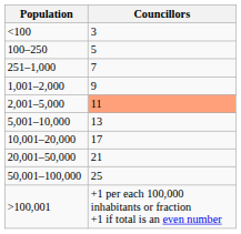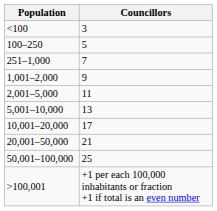 <table class="wikitable" style="text-align:left;">
 <tr>
 <th width="110">Population</th>
 <th width="200">Councillors</th>
 </tr>
 <tr>
 <td><100</td>
 <td>3</td>
 </tr>
 <tr>
 <td>100–250</td>
 <td>5</td>
 </tr>
 <tr>
 <td>251–1,000</td>
 <td>7</td>
 </tr>
 <tr>
 <td>1,001–2,000</td>
 <td>9</td>
 </tr>
 <tr>
 <td>2,001–5,000</td>
-<td style="background: lightsalmon;">11</td>
+<td>11</td>
 </tr>
 <tr>
 <td>5,001–10,000</td>
 <td>13</td>
 </tr>
 <tr>
 <td>10,001–20,000</td>
 <td>17</td>
 </tr>
 <tr>
 <td>20,001–50,000</td>
 <td>21</td>
 </tr>
 <tr>
 <td>50,001–100,000</td>
 <td>25</td>
 </tr>
 <tr>
 <td>>100,001</td>
 <td>+1 per each 100,000 inhabitants or fraction<br>+1 if total is an <a href='#'>even number</a></td>
 </tr>
 </table>
